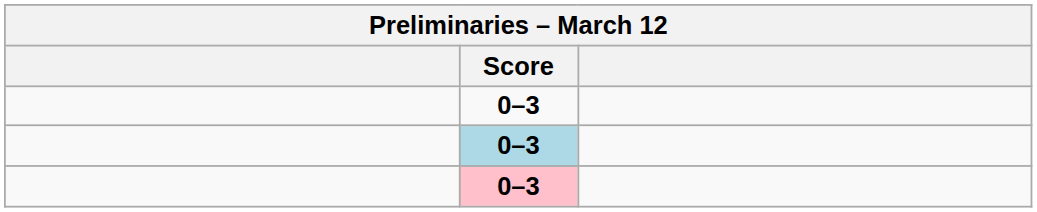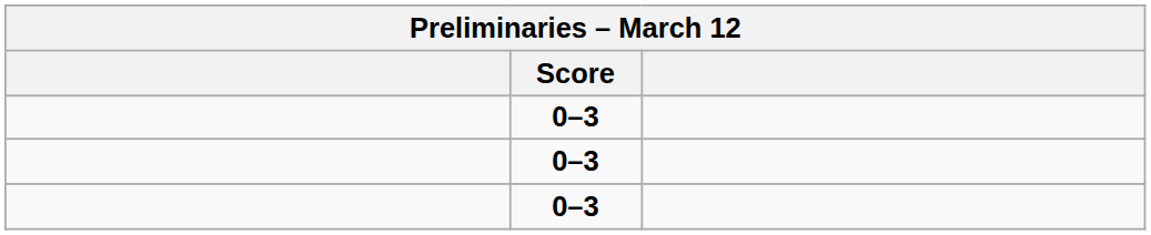 <table class="wikitable" style="text-align: center; font-size:90% ">
 <tr>
 <th colspan=3>Preliminaries – March 12</th>
 </tr>
 <tr>
 <th align="right" width="250"></th>
 <th width="60">Score</th>
 <th align="left" width="250"></th>
 </tr>
 <tr>
 <td align=left></td>
 <td align=center><strong>0–3</strong></td>
 <td align=left><strong></strong></td>
 </tr>
 <tr>
 <td align=left></td>
-<td align=center style="background: lightblue;"><strong>0–3</strong></td>
+<td align=center><strong>0–3</strong></td>
 <td align=left><strong></strong></td>
 </tr>
 <tr>
 <td align=left></td>
-<td align=center style="background: pink;"><strong>0–3</strong></td>
+<td align=center><strong>0–3</strong></td>
 <td align=left><strong></strong></td>
 </tr>
 </table>
